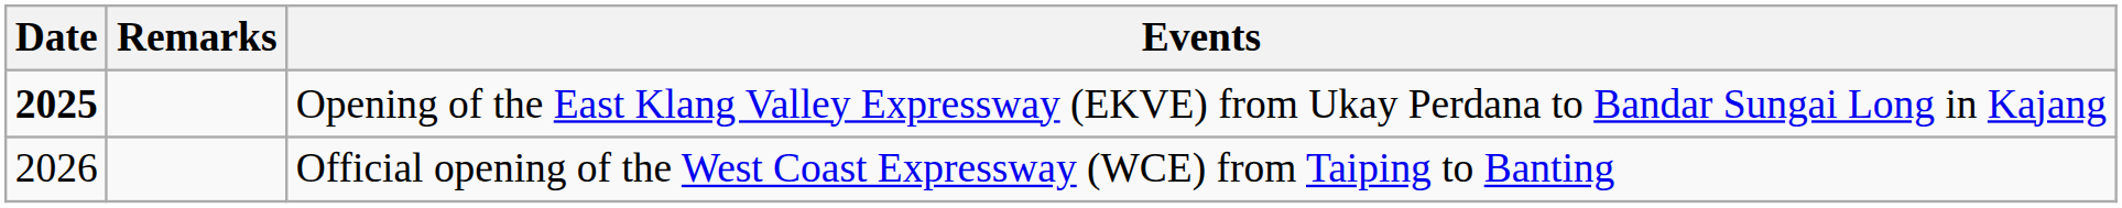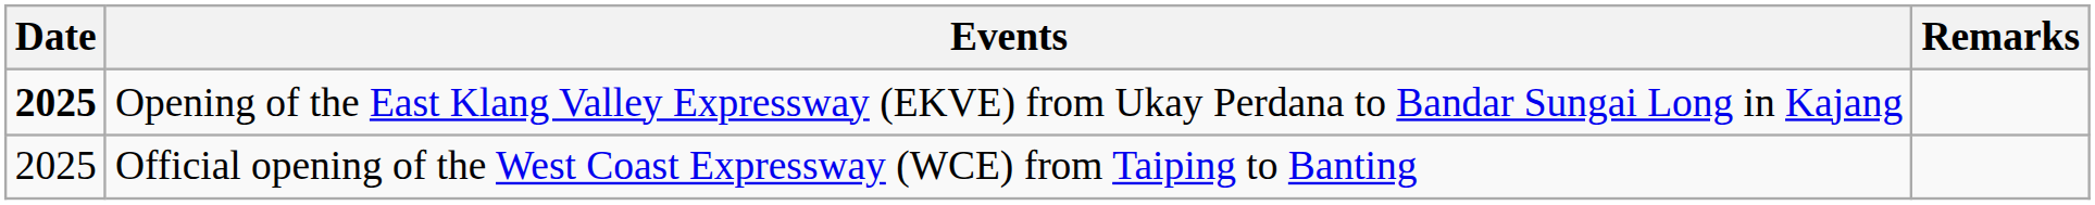 <table class="wikitable">
 <tr>
 <th>Date</th>
+<th>Events</th>
 <th>Remarks</th>
-<th>Events</th>
 </tr>
 <tr>
 <td><strong>2025</strong></td>
+<td>Opening of the <a href='#'>East Klang Valley Expressway</a> (EKVE) from Ukay Perdana to <a href='#'>Bandar Sungai Long</a> in <a href='#'>Kajang</a></td>
 <td></td>
-<td>Opening of the <a href='#'>East Klang Valley Expressway</a> (EKVE) from Ukay Perdana to <a href='#'>Bandar Sungai Long</a> in <a href='#'>Kajang</a></td>
 </tr>
 <tr>
-<td>2026</td>
+<td>2025</td>
+<td>Official opening of the <a href='#'>West Coast Expressway</a> (WCE) from <a href='#'>Taiping</a> to <a href='#'>Banting</a></td>
 <td></td>
-<td>Official opening of the <a href='#'>West Coast Expressway</a> (WCE) from <a href='#'>Taiping</a> to <a href='#'>Banting</a></td>
 </tr>
 </table>
